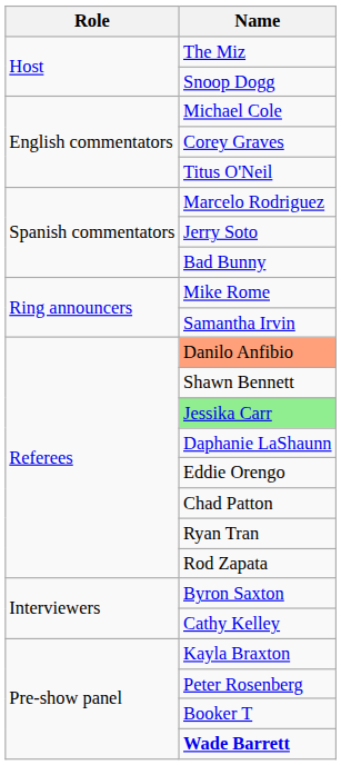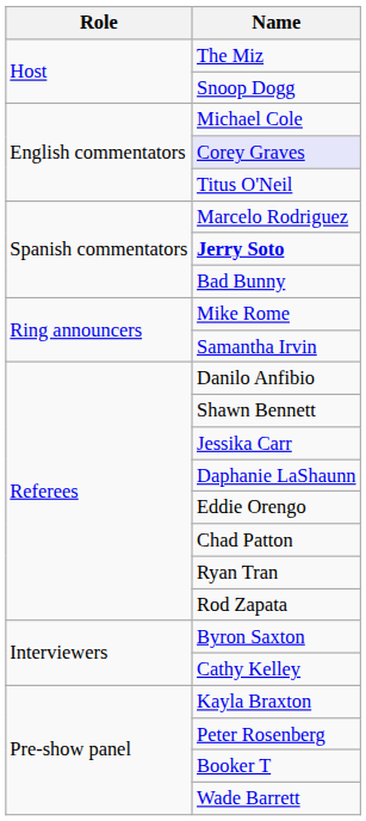 <table class=wikitable style="font-size:90%; margin: 0.5em 0 0.5em 1em; float: right; clear: right;">
 <tr>
 <th>Role</th>
 <th>Name</th>
 </tr>
 <tr>
 <td rowspan="2"><a href='#'>Host</a></td>
 <td><a href='#'>The Miz</a></td>
 </tr>
 <tr>
 <td><a href='#'>Snoop Dogg</a></td>
 </tr>
 <tr>
 <td rowspan="3">English commentators</td>
 <td><a href='#'>Michael Cole</a></td>
 </tr>
 <tr>
-<td><a href='#'>Corey Graves</a></td>
+<td style="background: lavender;"><a href='#'>Corey Graves</a></td>
 </tr>
 <tr>
 <td><a href='#'>Titus O'Neil</a> </td>
 </tr>
 <tr>
 <td rowspan=3>Spanish commentators</td>
 <td><a href='#'>Marcelo Rodriguez</a></td>
 </tr>
 <tr>
-<td><a href='#'>Jerry Soto</a></td>
+<td><strong><a href='#'>Jerry Soto</a></strong></td>
 </tr>
 <tr>
 <td><a href='#'>Bad Bunny</a> </td>
 </tr>
 <tr>
 <td rowspan="2"><a href='#'>Ring announcers</a></td>
 <td><a href='#'>Mike Rome</a> </td>
 </tr>
 <tr>
 <td><a href='#'>Samantha Irvin</a> </td>
 </tr>
 <tr>
 <td rowspan="8"><a href='#'>Referees</a></td>
-<td style="background: lightsalmon;">Danilo Anfibio</td>
+<td>Danilo Anfibio</td>
 </tr>
 <tr>
 <td>Shawn Bennett</td>
 </tr>
 <tr>
-<td style="background: lightgreen;"><a href='#'>Jessika Carr</a></td>
+<td><a href='#'>Jessika Carr</a></td>
 </tr>
 <tr>
 <td><a href='#'>Daphanie LaShaunn</a></td>
 </tr>
 <tr>
 <td>Eddie Orengo</td>
 </tr>
 <tr>
 <td>Chad Patton</td>
 </tr>
 <tr>
 <td>Ryan Tran</td>
 </tr>
 <tr>
 <td>Rod Zapata</td>
 </tr>
 <tr>
 <td rowspan="2">Interviewers</td>
 <td><a href='#'>Byron Saxton</a></td>
 </tr>
 <tr>
 <td><a href='#'>Cathy Kelley</a></td>
 </tr>
 <tr>
 <td rowspan="4">Pre-show panel</td>
 <td><a href='#'>Kayla Braxton</a></td>
 </tr>
 <tr>
 <td><a href='#'>Peter Rosenberg</a></td>
 </tr>
 <tr>
 <td><a href='#'>Booker T</a></td>
 </tr>
 <tr>
-<td><strong><a href='#'>Wade Barrett</a></strong></td>
+<td><a href='#'>Wade Barrett</a></td>
 </tr>
 </table>
